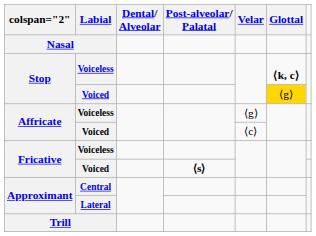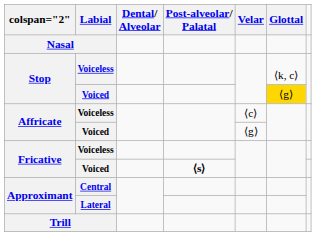 <table class="wikitable" style="text-align:center;">
 <tr>
 <th>colspan="2" </th>
 <th><a href='#'>Labial</a></th>
 <th><a href='#'>Dental</a>/<br><a href='#'>Alveolar</a></th>
 <th><a href='#'>Post-alveolar</a>/<br><a href='#'>Palatal</a></th>
 <th><a href='#'>Velar</a></th>
 <th><a href='#'>Glottal</a></th>
 </tr>
 <tr>
 <th colspan="2"><a href='#'>Nasal</a></th>
 <td></td>
 <td></td>
 <td></td>
 <td></td>
 <td></td>
 </tr>
 <tr>
 <th rowspan="2"><a href='#'>Stop</a></th>
 <th><small><a href='#'>Voiceless</a></small></th>
 <td></td>
 <td></td>
 <td rowspan="2"></td>
-<td><strong><br>⟨k, c⟩</strong></td>
+<td><br>⟨k, c⟩</td>
 <td rowspan="2"></td>
 </tr>
 <tr>
 <th><small><a href='#'>Voiced</a></small></th>
 <td></td>
 <td></td>
 <td style="background: gold;"> ⟨g⟩</td>
 </tr>
 <tr>
 <th rowspan="2"><a href='#'>Affricate</a></th>
 <th><small>Voiceless</small></th>
 <td rowspan="2"></td>
 <td rowspan="2"></td>
-<td> ⟨g⟩</td>
+<td> ⟨c⟩</td>
 <td rowspan="2"></td>
 <td rowspan="2"></td>
 </tr>
 <tr>
 <th><small>Voiced</small></th>
-<td> ⟨c⟩</td>
+<td> ⟨g⟩</td>
 </tr>
 <tr>
 <th rowspan="2"><a href='#'>Fricative</a></th>
 <th><small>Voiceless</small></th>
 <td></td>
 <td></td>
 <td rowspan="2"></td>
 <td rowspan="2"></td>
 <td></td>
 </tr>
 <tr>
 <th><small>Voiced</small></th>
 <td></td>
 <td><strong> ⟨s⟩</strong></td>
 <td></td>
 </tr>
 <tr>
 <th rowspan="2"><a href='#'>Approximant</a></th>
 <th><small><a href='#'>Central</a></small></th>
 <td rowspan="2"></td>
 <td></td>
 <td></td>
 <td></td>
 <td rowspan="2"></td>
 </tr>
 <tr>
 <th><small><a href='#'>Lateral</a></small></th>
 <td></td>
 <td></td>
 <td></td>
 </tr>
 <tr>
 <th colspan="2"><a href='#'>Trill</a></th>
 <td></td>
 <td></td>
 <td></td>
 <td></td>
 <td></td>
 </tr>
 </table>
